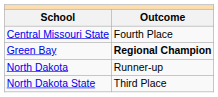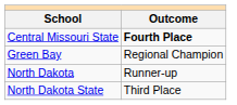 <table class="wikitable" style="float:left; margin-right:1em;">
 <tr>
 <th colspan="3" style="background:#ffdead;"></th>
 </tr>
 <tr>
 <th>School</th>
 <th>Outcome</th>
 </tr>
 <tr>
 <td><a href='#'>Central Missouri State</a></td>
-<td>Fourth Place</td>
+<td><strong>Fourth Place</strong></td>
 </tr>
 <tr>
 <td><a href='#'>Green Bay</a></td>
-<td><strong>Regional Champion</strong></td>
+<td>Regional Champion</td>
 </tr>
 <tr>
 <td><a href='#'>North Dakota</a></td>
 <td>Runner-up</td>
 </tr>
 <tr>
 <td><a href='#'>North Dakota State</a></td>
 <td>Third Place</td>
 </tr>
 </table>
